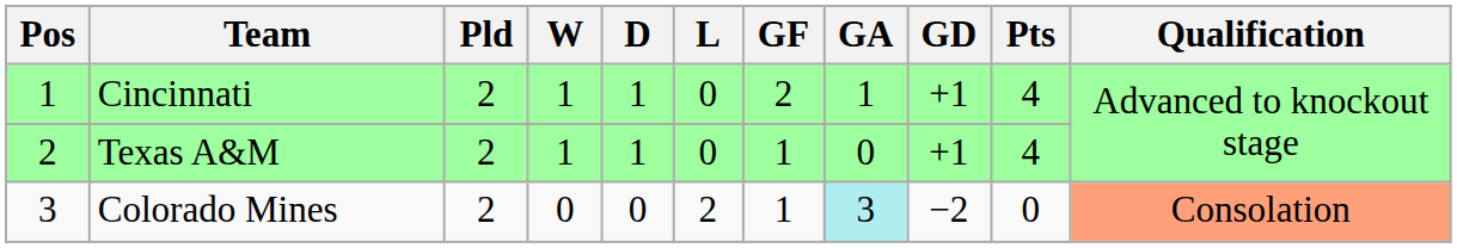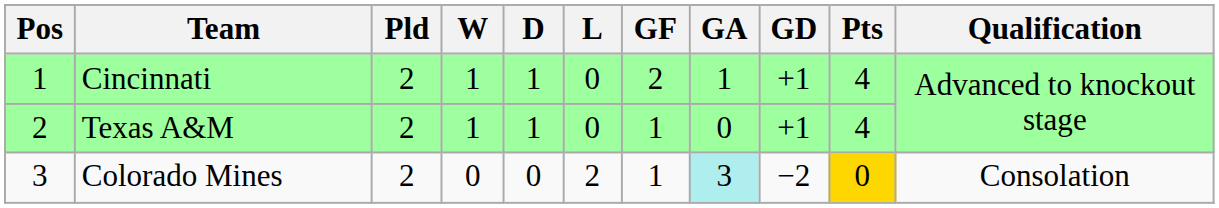 <table class="wikitable" style="text-align:center; margin: 1em auto">
 <tr>
 <th style="width:2em">Pos</th>
 <th style="width:13em">Team</th>
 <th style="width:2em">Pld</th>
 <th style="width:2em">W</th>
 <th style="width:2em">D</th>
 <th style="width:2em">L</th>
 <th style="width:2em">GF</th>
 <th style="width:2em">GA</th>
 <th style="width:2em">GD</th>
 <th style="width:2em">Pts</th>
 <th style="width:13em">Qualification</th>
 </tr>
 <tr bgcolor="#9eff9e">
 <td>1</td>
 <td style="text-align:left">Cincinnati</td>
 <td>2</td>
 <td>1</td>
 <td>1</td>
 <td>0</td>
 <td>2</td>
 <td>1</td>
 <td>+1</td>
 <td>4</td>
 <td rowspan="2">Advanced to knockout stage</td>
 </tr>
 <tr bgcolor="#9eff9e">
 <td>2</td>
 <td style="text-align:left">Texas A&M</td>
 <td>2</td>
 <td>1</td>
 <td>1</td>
 <td>0</td>
 <td>1</td>
 <td>0</td>
 <td>+1</td>
 <td>4</td>
 </tr>
 <tr>
 <td>3</td>
 <td style="text-align:left">Colorado Mines</td>
 <td>2</td>
 <td>0</td>
 <td>0</td>
 <td>2</td>
 <td>1</td>
 <td style="background: paleturquoise;">3</td>
 <td>−2</td>
-<td>0</td>
-<td style="background: lightsalmon;">Consolation</td>
+<td style="background: gold;">0</td>
+<td>Consolation</td>
 </tr>
 </table>
